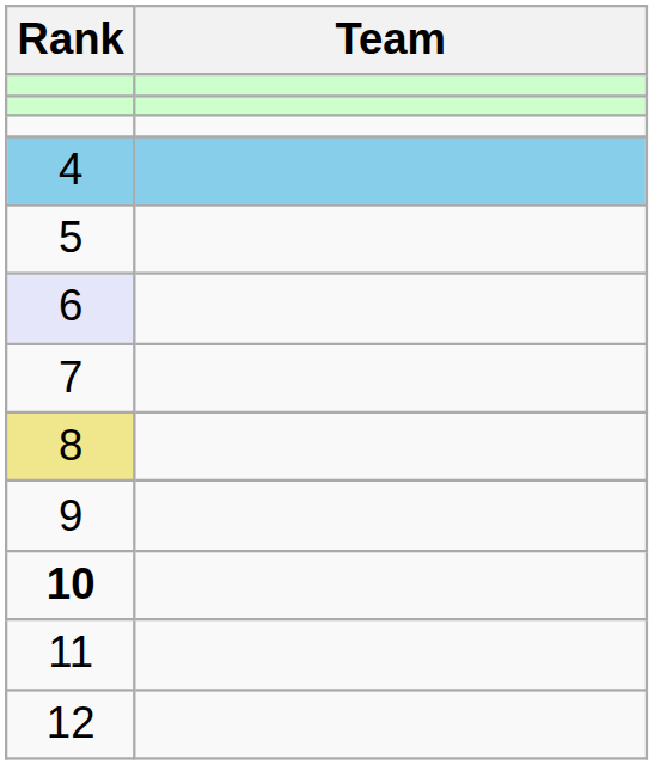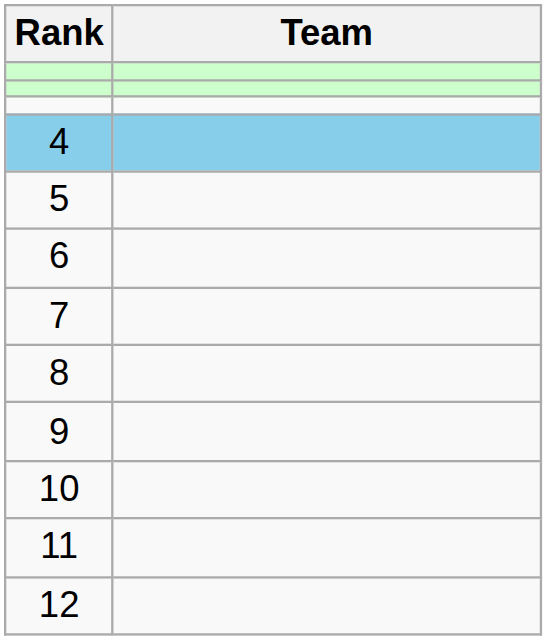 <table class="wikitable" style="text-align:center">
 <tr>
 <th width=40>Rank</th>
 <th width=180>Team</th>
 </tr>
 <tr bgcolor=#ccffcc>
 <td></td>
 <td style="text-align:left"></td>
 </tr>
 <tr bgcolor=#ccffcc>
 <td></td>
 <td style="text-align:left"></td>
 </tr>
 <tr>
 <td></td>
 <td style="text-align:left"></td>
 </tr>
 <tr bgcolor=#87ceeb>
 <td>4</td>
 <td style="text-align:left"></td>
 </tr>
 <tr>
 <td>5</td>
 <td style="text-align:left"></td>
 </tr>
 <tr>
-<td style="background: lavender;">6</td>
+<td>6</td>
 <td style="text-align:left"></td>
 </tr>
 <tr>
 <td>7</td>
 <td style="text-align:left"></td>
 </tr>
 <tr>
-<td style="background: khaki;">8</td>
+<td>8</td>
 <td style="text-align:left"></td>
 </tr>
 <tr>
 <td>9</td>
 <td style="text-align:left"></td>
 </tr>
 <tr>
-<td><strong>10</strong></td>
+<td>10</td>
 <td style="text-align:left"></td>
 </tr>
 <tr>
 <td>11</td>
 <td style="text-align:left"></td>
 </tr>
 <tr>
 <td>12</td>
 <td style="text-align:left"></td>
 </tr>
 </table>
